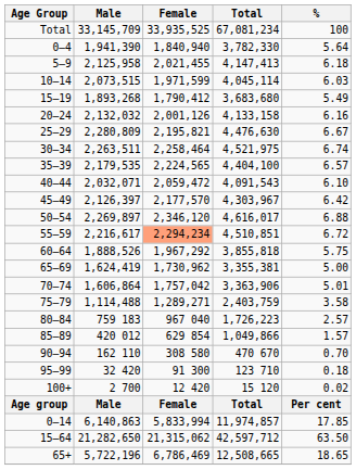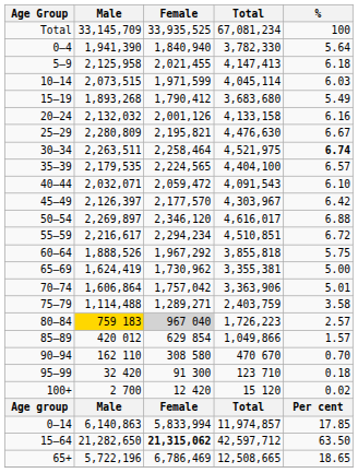 <table class="wikitable">
 <tr>
 <th width="80pt">Age Group</th>
 <th width="80pt">Male</th>
 <th width="80pt">Female</th>
 <th width="80pt">Total</th>
 <th width="80pt">%</th>
 </tr>
 <tr>
 <td align="right">Total</td>
 <td align="right">33,145,709</td>
 <td align="right">33,935,525</td>
 <td align="right">67,081,234</td>
 <td align="right">100</td>
 </tr>
 <tr>
 <td align="right">0–4</td>
 <td align="right">1,941,390</td>
 <td align="right">1,840,940</td>
 <td align="right">3,782,330</td>
 <td align="right">5.64</td>
 </tr>
 <tr>
 <td align="right">5–9</td>
 <td align="right">2,125,958</td>
 <td align="right">2,021,455</td>
 <td align="right">4,147,413</td>
 <td align="right">6.18</td>
 </tr>
 <tr>
 <td align="right">10–14</td>
 <td align="right">2,073,515</td>
 <td align="right">1,971,599</td>
 <td align="right">4,045,114</td>
 <td align="right">6.03</td>
 </tr>
 <tr>
 <td align="right">15–19</td>
 <td align="right">1,893,268</td>
 <td align="right">1,790,412</td>
 <td align="right">3,683,680</td>
 <td align="right">5.49</td>
 </tr>
 <tr>
 <td align="right">20–24</td>
 <td align="right">2,132,032</td>
 <td align="right">2,001,126</td>
 <td align="right">4,133,158</td>
 <td align="right">6.16</td>
 </tr>
 <tr>
 <td align="right">25–29</td>
 <td align="right">2,280,809</td>
 <td align="right">2,195,821</td>
 <td align="right">4,476,630</td>
 <td align="right">6.67</td>
 </tr>
 <tr>
 <td align="right">30–34</td>
 <td align="right">2,263,511</td>
 <td align="right">2,258,464</td>
 <td align="right">4,521,975</td>
-<td align="right">6.74</td>
+<td align="right"><strong>6.74</strong></td>
 </tr>
 <tr>
 <td align="right">35–39</td>
 <td align="right">2,179,535</td>
 <td align="right">2,224,565</td>
 <td align="right">4,404,100</td>
 <td align="right">6.57</td>
 </tr>
 <tr>
 <td align="right">40–44</td>
 <td align="right">2,032,071</td>
 <td align="right">2,059,472</td>
 <td align="right">4,091,543</td>
 <td align="right">6.10</td>
 </tr>
 <tr>
 <td align="right">45–49</td>
 <td align="right">2,126,397</td>
 <td align="right">2,177,570</td>
 <td align="right">4,303,967</td>
 <td align="right">6.42</td>
 </tr>
 <tr>
 <td align="right">50–54</td>
 <td align="right">2,269,897</td>
 <td align="right">2,346,120</td>
 <td align="right">4,616,017</td>
 <td align="right">6.88</td>
 </tr>
 <tr>
 <td align="right">55–59</td>
 <td align="right">2,216,617</td>
-<td align="right" style="background: lightsalmon;">2,294,234</td>
+<td align="right">2,294,234</td>
 <td align="right">4,510,851</td>
 <td align="right">6.72</td>
 </tr>
 <tr>
 <td align="right">60–64</td>
 <td align="right">1,888,526</td>
 <td align="right">1,967,292</td>
 <td align="right">3,855,818</td>
 <td align="right">5.75</td>
 </tr>
 <tr>
 <td align="right">65–69</td>
 <td align="right">1,624,419</td>
 <td align="right">1,730,962</td>
 <td align="right">3,355,381</td>
 <td align="right">5.00</td>
 </tr>
 <tr>
 <td align="right">70–74</td>
 <td align="right">1,606,864</td>
 <td align="right">1,757,042</td>
 <td align="right">3,363,906</td>
 <td align="right">5.01</td>
 </tr>
 <tr>
 <td align="right">75–79</td>
 <td align="right">1,114,488</td>
 <td align="right">1,289,271</td>
 <td align="right">2,403,759</td>
 <td align="right">3.58</td>
 </tr>
 <tr>
 <td align="right">80–84</td>
-<td align="right">759 183</td>
-<td align="right">967 040</td>
+<td align="right" style="background: gold;">759 183</td>
+<td align="right" style="background: lightgrey;">967 040</td>
 <td align="right">1,726,223</td>
 <td align="right">2.57</td>
 </tr>
 <tr>
 <td align="right">85–89</td>
 <td align="right">420 012</td>
 <td align="right">629 854</td>
 <td align="right">1,049,866</td>
 <td align="right">1.57</td>
 </tr>
 <tr>
 <td align="right">90–94</td>
 <td align="right">162 110</td>
 <td align="right">308 580</td>
 <td align="right">470 670</td>
 <td align="right">0.70</td>
 </tr>
 <tr>
 <td align="right">95–99</td>
 <td align="right">32 420</td>
 <td align="right">91 300</td>
 <td align="right">123 710</td>
 <td align="right">0.18</td>
 </tr>
 <tr>
 <td align="right">100+</td>
 <td align="right">2 700</td>
 <td align="right">12 420</td>
 <td align="right">15 120</td>
 <td align="right">0.02</td>
 </tr>
 <tr>
 <th width="50">Age group</th>
 <th width="80pt">Male</th>
 <th width="80">Female</th>
 <th width="80">Total</th>
 <th width="50">Per cent</th>
 </tr>
 <tr>
 <td align="right">0–14</td>
 <td align="right">6,140,863</td>
 <td align="right">5,833,994</td>
 <td align="right">11,974,857</td>
 <td align="right">17.85</td>
 </tr>
 <tr>
 <td align="right">15–64</td>
 <td align="right">21,282,650</td>
-<td align="right">21,315,062</td>
+<td align="right"><strong>21,315,062</strong></td>
 <td align="right">42,597,712</td>
 <td align="right">63.50</td>
 </tr>
 <tr>
 <td align="right">65+</td>
 <td align="right">5,722,196</td>
 <td align="right">6,786,469</td>
 <td align="right">12,508,665</td>
 <td align="right">18.65</td>
 </tr>
 <tr>
 </tr>
 </table>
